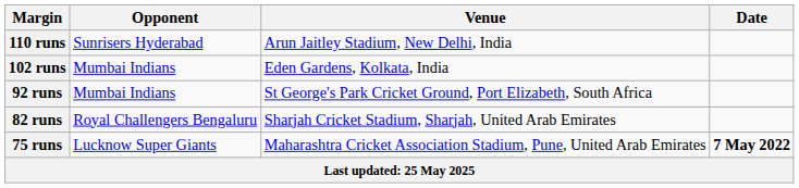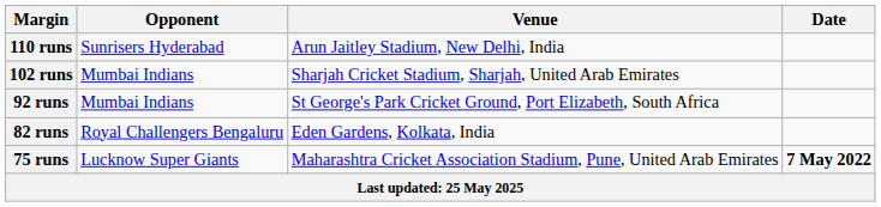 <table class="wikitable sortable" style="text-align:left;font-size:96%;">
 <tr>
 <th>Margin</th>
 <th>Opponent</th>
 <th>Venue</th>
 <th>Date</th>
 </tr>
 <tr>
 <th scope="row" style="text-align:center;">110 runs</th>
 <td><a href='#'>Sunrisers Hyderabad</a></td>
 <td><a href='#'>Arun Jaitley Stadium</a>, <a href='#'>New Delhi</a>, India</td>
 <td></td>
 </tr>
 <tr>
 <th scope=row style=text-align:center;>102 runs</th>
 <td><a href='#'>Mumbai Indians</a></td>
-<td><a href='#'>Eden Gardens</a>, <a href='#'>Kolkata</a>, India</td>
+<td><a href='#'>Sharjah Cricket Stadium</a>, <a href='#'>Sharjah</a>, United Arab Emirates</td>
 <td></td>
 </tr>
 <tr>
 <th scope=row style=text-align:center;>92 runs</th>
 <td><a href='#'>Mumbai Indians</a></td>
 <td><a href='#'>St George's Park Cricket Ground</a>, <a href='#'>Port Elizabeth</a>, South Africa</td>
 <td></td>
 </tr>
 <tr>
 <th scope=row style=text-align:center;>82 runs</th>
 <td><a href='#'>Royal Challengers Bengaluru</a></td>
-<td><a href='#'>Sharjah Cricket Stadium</a>, <a href='#'>Sharjah</a>, United Arab Emirates</td>
+<td><a href='#'>Eden Gardens</a>, <a href='#'>Kolkata</a>, India</td>
 <td></td>
 </tr>
 <tr>
 <th>75 runs</th>
 <td><a href='#'>Lucknow Super Giants</a></td>
 <td><a href='#'>Maharashtra Cricket Association Stadium</a>, <a href='#'>Pune</a>, United Arab Emirates</td>
 <td><strong>7 May 2022</strong></td>
 </tr>
 <tr class="sortbottom">
 <th colspan="4"><small>Last updated: 25 May 2025</small></th>
 </tr>
 </table>
